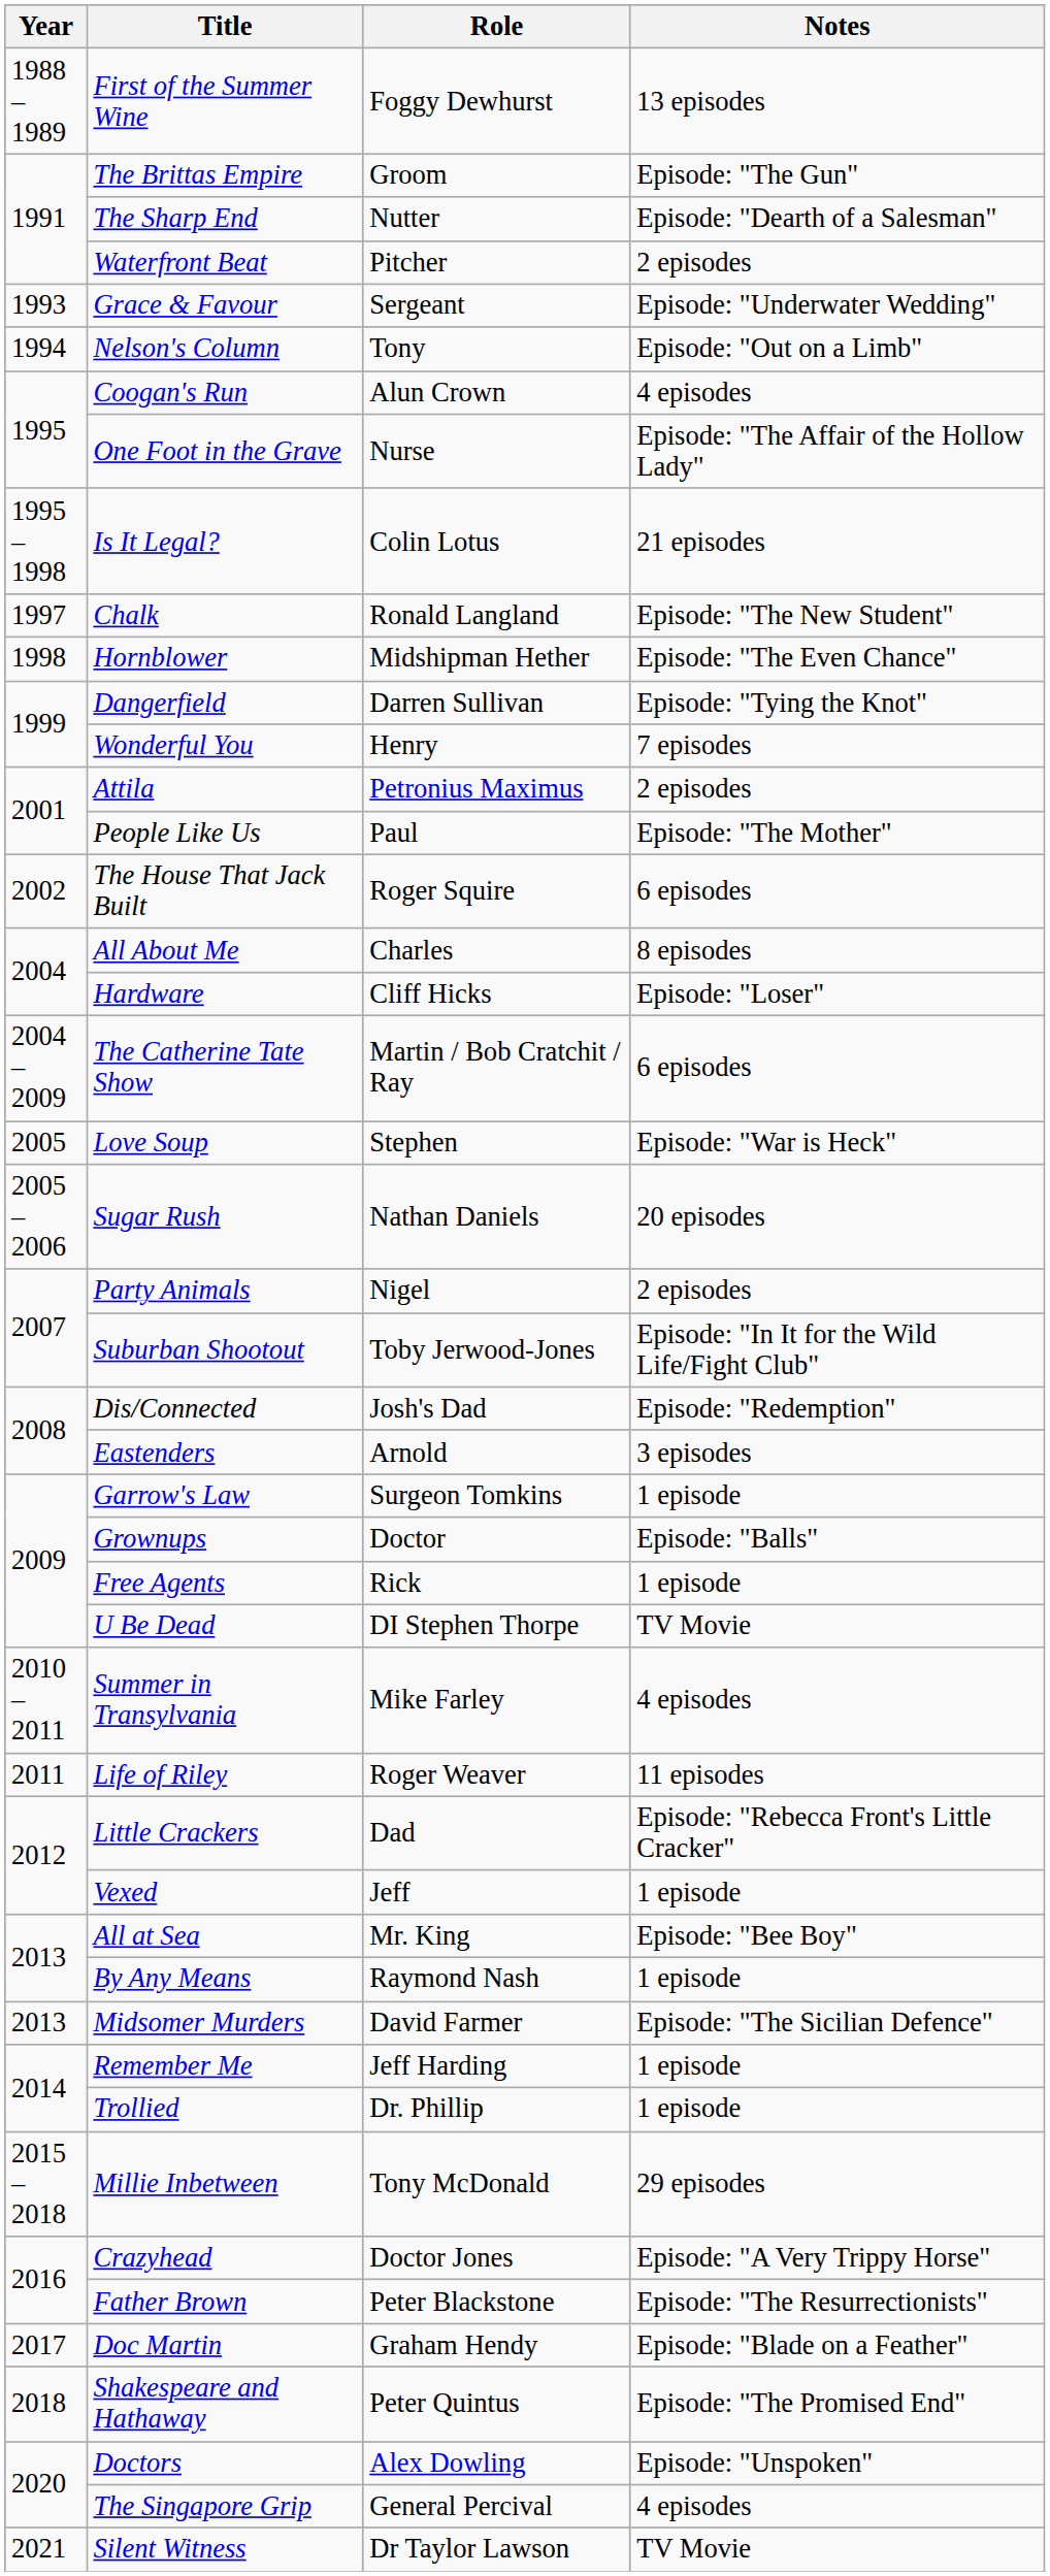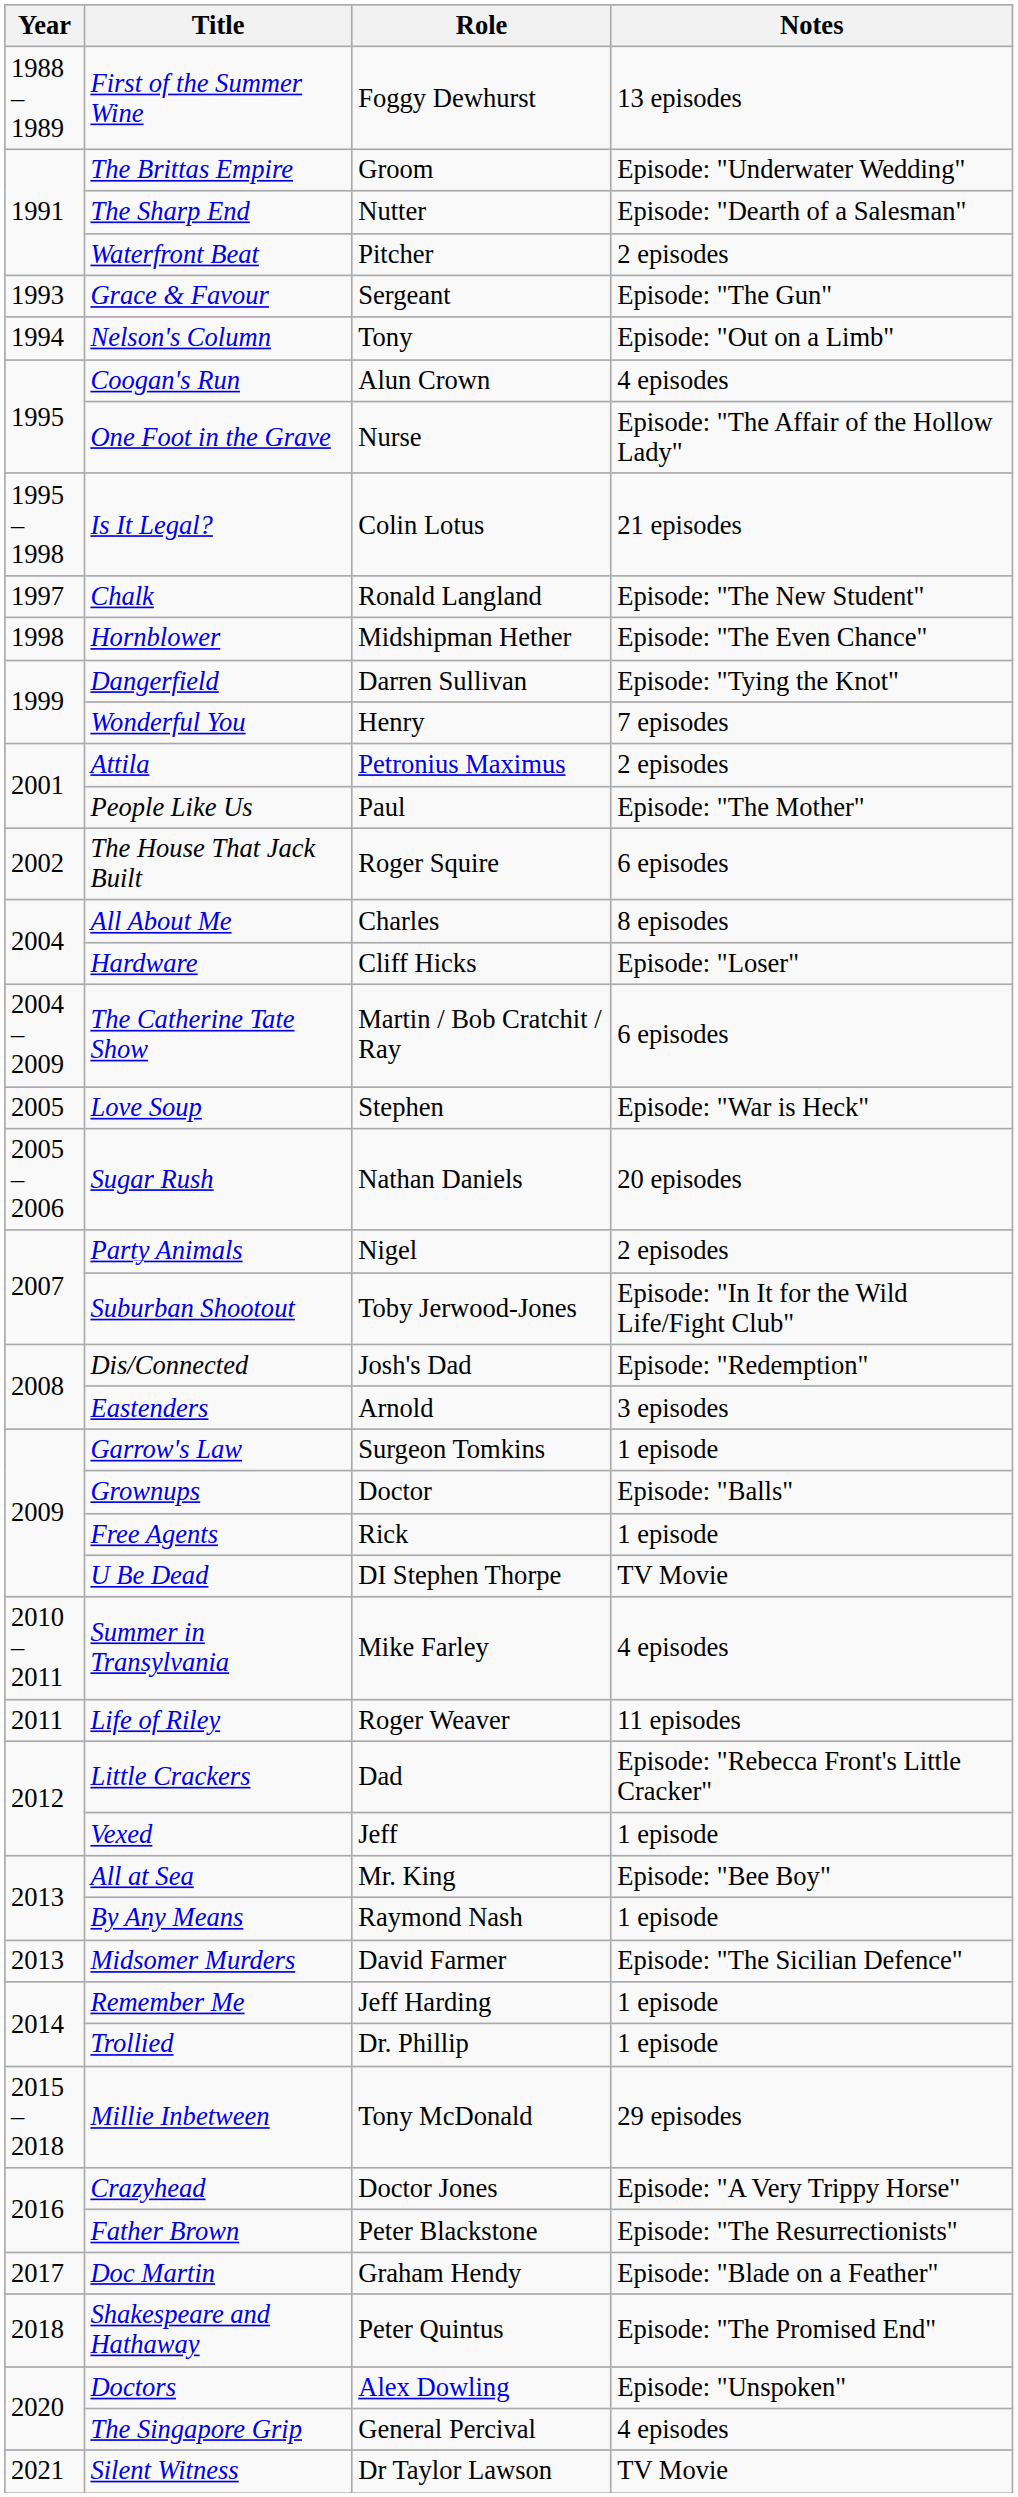 <table class="wikitable">
 <tr>
 <th>Year</th>
 <th>Title</th>
 <th>Role</th>
 <th>Notes</th>
 </tr>
 <tr>
 <td>1988 –<br>1989</td>
 <td><em><a href='#'>First of the Summer Wine</a></em></td>
 <td>Foggy Dewhurst</td>
 <td>13 episodes</td>
 </tr>
 <tr>
 <td rowspan="3">1991</td>
 <td><em><a href='#'>The Brittas Empire</a></em></td>
 <td>Groom</td>
-<td>Episode: "The Gun"</td>
+<td>Episode: "Underwater Wedding"</td>
 </tr>
 <tr>
 <td><em><a href='#'>The Sharp End</a></em></td>
 <td>Nutter</td>
 <td>Episode: "Dearth of a Salesman"</td>
 </tr>
 <tr>
 <td><em><a href='#'>Waterfront Beat</a></em></td>
 <td>Pitcher</td>
 <td>2 episodes</td>
 </tr>
 <tr>
 <td>1993</td>
 <td><em><a href='#'>Grace & Favour</a></em></td>
 <td>Sergeant</td>
-<td>Episode: "Underwater Wedding"</td>
+<td>Episode: "The Gun"</td>
 </tr>
 <tr>
 <td>1994</td>
 <td><em><a href='#'>Nelson's Column</a></em></td>
 <td>Tony</td>
 <td>Episode: "Out on a Limb"</td>
 </tr>
 <tr>
 <td rowspan="2">1995</td>
 <td><em><a href='#'>Coogan's Run</a></em></td>
 <td>Alun Crown</td>
 <td>4 episodes</td>
 </tr>
 <tr>
 <td><em><a href='#'>One Foot in the Grave</a></em></td>
 <td>Nurse</td>
 <td>Episode: "The Affair of the Hollow Lady"</td>
 </tr>
 <tr>
 <td>1995 –<br>1998</td>
 <td><em><a href='#'>Is It Legal?</a></em></td>
 <td>Colin Lotus</td>
 <td>21 episodes</td>
 </tr>
 <tr>
 <td>1997</td>
 <td><em><a href='#'>Chalk</a></em></td>
 <td>Ronald Langland</td>
 <td>Episode: "The New Student"</td>
 </tr>
 <tr>
 <td>1998</td>
 <td><em><a href='#'>Hornblower</a></em></td>
 <td>Midshipman Hether</td>
 <td>Episode: "The Even Chance"</td>
 </tr>
 <tr>
 <td rowspan="2">1999</td>
 <td><em><a href='#'>Dangerfield</a></em></td>
 <td>Darren Sullivan</td>
 <td>Episode: "Tying the Knot"</td>
 </tr>
 <tr>
 <td><em><a href='#'>Wonderful You</a></em></td>
 <td>Henry</td>
 <td>7 episodes</td>
 </tr>
 <tr>
 <td rowspan="2">2001</td>
 <td><em><a href='#'>Attila</a></em></td>
 <td><a href='#'>Petronius Maximus</a></td>
 <td>2 episodes</td>
 </tr>
 <tr>
 <td><em>People Like Us</em></td>
 <td>Paul</td>
 <td>Episode: "The Mother"</td>
 </tr>
 <tr>
 <td>2002</td>
 <td><em>The House That Jack Built</em></td>
 <td>Roger Squire</td>
 <td>6 episodes</td>
 </tr>
 <tr>
 <td rowspan="2">2004</td>
 <td><em><a href='#'>All About Me</a></em></td>
 <td>Charles</td>
 <td>8 episodes</td>
 </tr>
 <tr>
 <td><em><a href='#'>Hardware</a></em></td>
 <td>Cliff Hicks</td>
 <td>Episode: "Loser"</td>
 </tr>
 <tr>
 <td>2004 –<br>2009</td>
 <td><em><a href='#'>The Catherine Tate Show</a></em></td>
 <td>Martin / Bob Cratchit / Ray</td>
 <td>6 episodes</td>
 </tr>
 <tr>
 <td>2005</td>
 <td><em><a href='#'>Love Soup</a></em></td>
 <td>Stephen</td>
 <td>Episode: "War is Heck"</td>
 </tr>
 <tr>
 <td>2005 –<br>2006</td>
 <td><em><a href='#'>Sugar Rush</a></em></td>
 <td>Nathan Daniels</td>
 <td>20 episodes</td>
 </tr>
 <tr>
 <td rowspan="2">2007</td>
 <td><em><a href='#'>Party Animals</a></em></td>
 <td>Nigel</td>
 <td>2 episodes</td>
 </tr>
 <tr>
 <td><em><a href='#'>Suburban Shootout</a></em></td>
 <td>Toby Jerwood-Jones</td>
 <td>Episode: "In It for the Wild Life/Fight Club"</td>
 </tr>
 <tr>
 <td rowspan="2">2008</td>
 <td><em>Dis/Connected</em></td>
 <td>Josh's Dad</td>
 <td>Episode: "Redemption"</td>
 </tr>
 <tr>
 <td><em><a href='#'>Eastenders</a></em></td>
 <td>Arnold</td>
 <td>3 episodes</td>
 </tr>
 <tr>
 <td rowspan="4">2009</td>
 <td><em><a href='#'>Garrow's Law</a></em></td>
 <td>Surgeon Tomkins</td>
 <td>1 episode</td>
 </tr>
 <tr>
 <td><em><a href='#'>Grownups</a></em></td>
 <td>Doctor</td>
 <td>Episode: "Balls"</td>
 </tr>
 <tr>
 <td><em><a href='#'>Free Agents</a></em></td>
 <td>Rick</td>
 <td>1 episode</td>
 </tr>
 <tr>
 <td><em><a href='#'>U Be Dead</a></em></td>
 <td>DI Stephen Thorpe</td>
 <td>TV Movie</td>
 </tr>
 <tr>
 <td>2010 –<br>2011</td>
 <td><em><a href='#'>Summer in Transylvania</a></em></td>
 <td>Mike Farley</td>
 <td>4 episodes</td>
 </tr>
 <tr>
 <td>2011</td>
 <td><em><a href='#'>Life of Riley</a></em></td>
 <td>Roger Weaver</td>
 <td>11 episodes</td>
 </tr>
 <tr>
 <td rowspan="2">2012</td>
 <td><em><a href='#'>Little Crackers</a></em></td>
 <td>Dad</td>
 <td>Episode: "Rebecca Front's Little Cracker"</td>
 </tr>
 <tr>
 <td><em><a href='#'>Vexed</a></em></td>
 <td>Jeff</td>
 <td>1 episode</td>
 </tr>
 <tr>
 <td rowspan="2">2013</td>
 <td><em><a href='#'>All at Sea</a></em></td>
 <td>Mr. King</td>
 <td>Episode: "Bee Boy"</td>
 </tr>
 <tr>
 <td><em><a href='#'>By Any Means</a></em></td>
 <td>Raymond Nash</td>
 <td>1 episode</td>
 </tr>
 <tr>
 <td>2013</td>
 <td><em><a href='#'>Midsomer Murders</a></em></td>
 <td>David Farmer</td>
 <td>Episode: "The Sicilian Defence"</td>
 </tr>
 <tr>
 <td rowspan="2">2014</td>
 <td><em><a href='#'>Remember Me</a></em></td>
 <td>Jeff Harding</td>
 <td>1 episode</td>
 </tr>
 <tr>
 <td><em><a href='#'>Trollied</a></em></td>
 <td>Dr. Phillip</td>
 <td>1 episode</td>
 </tr>
 <tr>
 <td>2015 –<br>2018</td>
 <td><em><a href='#'>Millie Inbetween</a></em></td>
 <td>Tony McDonald</td>
 <td>29 episodes</td>
 </tr>
 <tr>
 <td rowspan="2">2016</td>
 <td><em><a href='#'>Crazyhead</a></em></td>
 <td>Doctor Jones</td>
 <td>Episode: "A Very Trippy Horse"</td>
 </tr>
 <tr>
 <td><em><a href='#'>Father Brown</a></em></td>
 <td>Peter Blackstone</td>
 <td>Episode: "The Resurrectionists"</td>
 </tr>
 <tr>
 <td>2017</td>
 <td><em><a href='#'>Doc Martin</a></em></td>
 <td>Graham Hendy</td>
 <td>Episode: "Blade on a Feather"</td>
 </tr>
 <tr>
 <td>2018</td>
 <td><em><a href='#'>Shakespeare and Hathaway</a></em></td>
 <td>Peter Quintus</td>
 <td>Episode: "The Promised End"</td>
 </tr>
 <tr>
 <td rowspan="2">2020</td>
 <td><em><a href='#'>Doctors</a></em></td>
 <td><a href='#'>Alex Dowling</a></td>
 <td>Episode: "Unspoken"</td>
 </tr>
 <tr>
 <td><em><a href='#'>The Singapore Grip</a></em></td>
 <td>General Percival</td>
 <td>4 episodes</td>
 </tr>
 <tr>
 <td>2021</td>
 <td><em><a href='#'>Silent Witness</a></em></td>
 <td>Dr Taylor Lawson</td>
 <td>TV Movie</td>
 </tr>
 </table>
